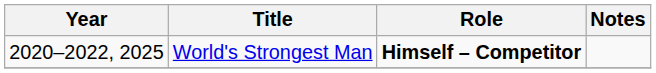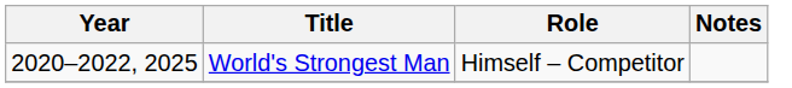 <table class="wikitable sortable">
 <tr>
 <th>Year</th>
 <th>Title</th>
 <th>Role</th>
 <th>Notes</th>
 </tr>
 <tr>
 <td>2020–2022, 2025</td>
 <td><a href='#'>World's Strongest Man</a></td>
-<td><strong>Himself – Competitor</strong></td>
+<td>Himself – Competitor</td>
 <td></td>
 </tr>
 <tr>
 </tr>
 </table>
